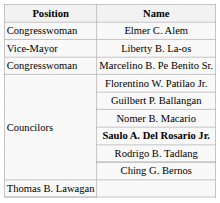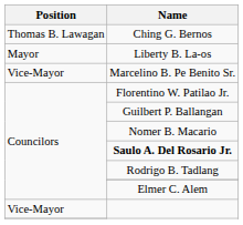 <table class="wikitable" style="line-height:1.20em; font-size:100%;">
 <tr>
 <th>Position</th>
 <th>Name</th>
 </tr>
 <tr>
-<td>Congresswoman</td>
-<td style="text-align:center;">Elmer C. Alem</td>
+<td style="text-align:center;">Thomas B. Lawagan</td>
+<td style="text-align:center;">Ching G. Bernos</td>
+</tr>
+<tr>
+<td>Mayor</td>
+<td style="text-align:center;">Liberty B. La-os</td>
 </tr>
 <tr>
 <td>Vice-Mayor</td>
-<td style="text-align:center;">Liberty B. La-os</td>
-</tr>
-<tr>
-<td>Congresswoman</td>
 <td style="text-align:center;">Marcelino B. Pe Benito Sr.</td>
 </tr>
 <tr>
 <td rowspan=8>Councilors</td>
 <td style="text-align:center;">Florentino W. Patilao Jr.</td>
 </tr>
 <tr>
 <td style="text-align:center;">Guilbert P. Ballangan</td>
 </tr>
 <tr>
 <td style="text-align:center;">Nomer B. Macario</td>
 </tr>
 <tr>
 <td style="text-align:center;"><strong>Saulo A. Del Rosario Jr.</strong></td>
 </tr>
 <tr>
 <td style="text-align:center;">Rodrigo B. Tadlang</td>
 </tr>
 <tr>
 </tr>
 <tr | style="text-align:center;" | Benjamin N. Dawala>
 </tr>
 <tr>
-<td style="text-align:center;">Ching G. Bernos</td>
+<td style="text-align:center;">Elmer C. Alem</td>
 </tr>
 <tr>
-<td style="text-align:center;">Thomas B. Lawagan</td>
+<td>Vice-Mayor</td>
 </tr>
 <tr>
 </tr>
 </table>
